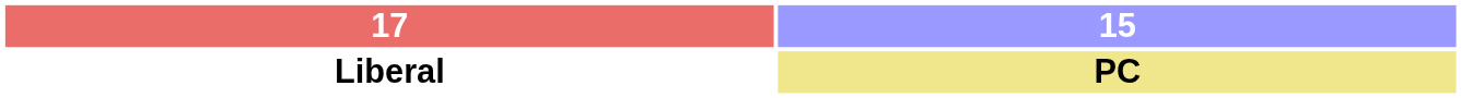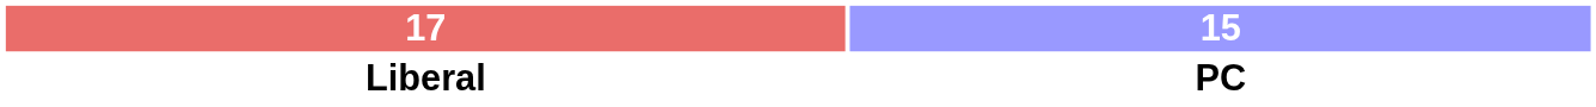 <table style="width:55%; text-align:center;">
 <tr style="color:white;">
 <td style="background:#EA6D6A; width:53.13%;"><strong>17</strong></td>
 <td style="background:#9999FF; width:46.87%;"><strong>15</strong></td>
 </tr>
 <tr>
 <td><span><strong>Liberal</strong></span></td>
-<td style="background: khaki;"><span><strong>PC</strong></span></td>
+<td><span><strong>PC</strong></span></td>
 </tr>
 </table>
